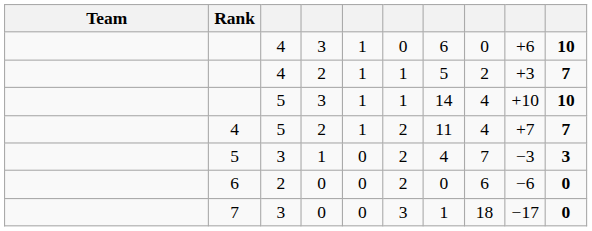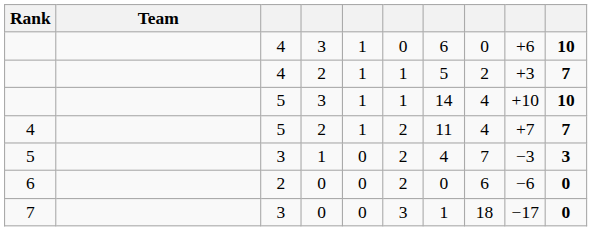 <table class="wikitable" style="text-align: center;">
 <tr>
+<th width=40>Rank</th>
 <th width=180>Team</th>
-<th width=40>Rank</th>
 <th width=30></th>
 <th width=30></th>
 <th width=30></th>
 <th width=30></th>
 <th width=30></th>
 <th width=30></th>
 <th width=30></th>
 <th width=30></th>
 </tr>
 <tr>
+<td></td>
 <td align=left></td>
-<td></td>
 <td>4</td>
 <td>3</td>
 <td>1</td>
 <td>0</td>
 <td>6</td>
 <td>0</td>
 <td>+6</td>
 <td><strong>10</strong></td>
 </tr>
 <tr>
+<td></td>
 <td align=left></td>
-<td></td>
 <td>4</td>
 <td>2</td>
 <td>1</td>
 <td>1</td>
 <td>5</td>
 <td>2</td>
 <td>+3</td>
 <td><strong>7</strong></td>
 </tr>
 <tr>
+<td></td>
 <td align=left></td>
-<td></td>
 <td>5</td>
 <td>3</td>
 <td>1</td>
 <td>1</td>
 <td>14</td>
 <td>4</td>
 <td>+10</td>
 <td><strong>10</strong></td>
 </tr>
 <tr>
+<td>4</td>
 <td align=left></td>
-<td>4</td>
 <td>5</td>
 <td>2</td>
 <td>1</td>
 <td>2</td>
 <td>11</td>
 <td>4</td>
 <td>+7</td>
 <td><strong>7</strong></td>
 </tr>
 <tr>
+<td>5</td>
 <td align=left></td>
-<td>5</td>
 <td>3</td>
 <td>1</td>
 <td>0</td>
 <td>2</td>
 <td>4</td>
 <td>7</td>
 <td>−3</td>
 <td><strong>3</strong></td>
 </tr>
 <tr>
+<td>6</td>
 <td align=left></td>
-<td>6</td>
 <td>2</td>
 <td>0</td>
 <td>0</td>
 <td>2</td>
 <td>0</td>
 <td>6</td>
 <td>−6</td>
 <td><strong>0</strong></td>
 </tr>
 <tr>
+<td>7</td>
 <td align=left></td>
-<td>7</td>
 <td>3</td>
 <td>0</td>
 <td>0</td>
 <td>3</td>
 <td>1</td>
 <td>18</td>
 <td>−17</td>
 <td><strong>0</strong></td>
 </tr>
 </table>
